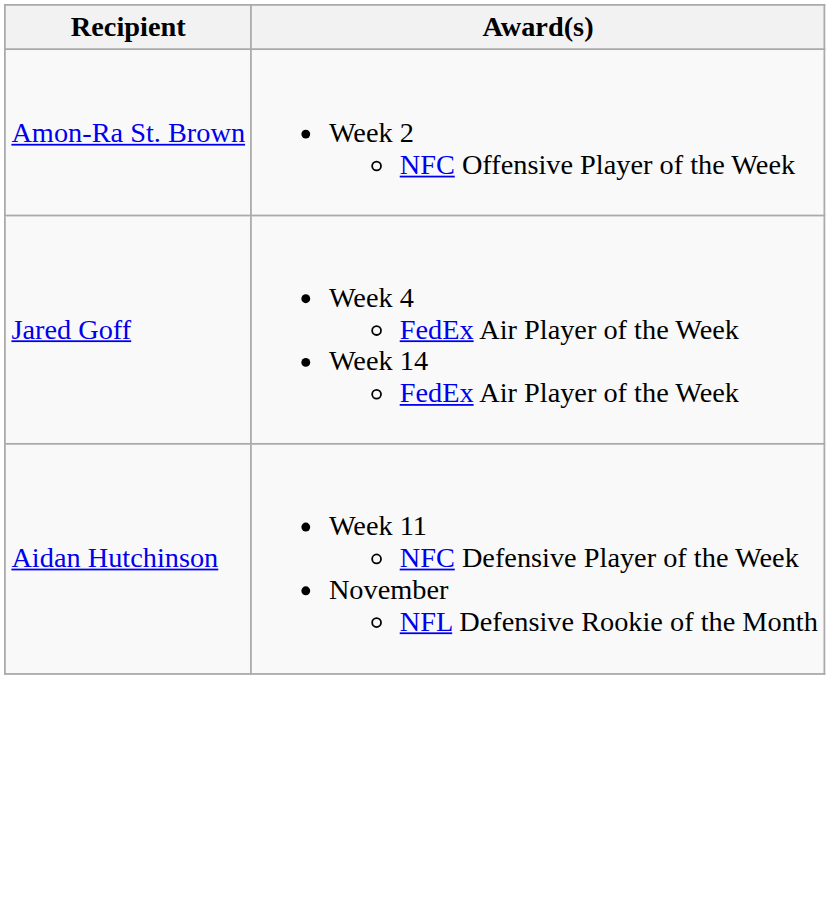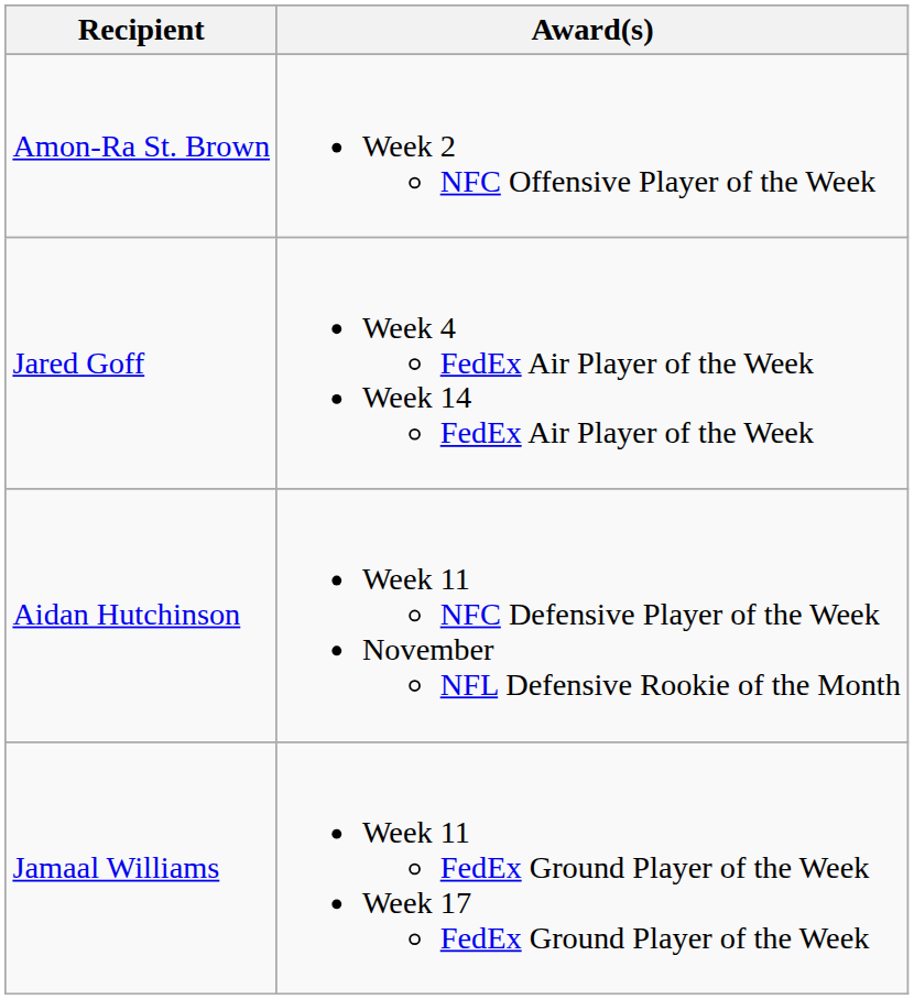 <table class="wikitable">
 <tr>
 <th>Recipient</th>
 <th>Award(s)</th>
 </tr>
 <tr>
 <td><a href='#'>Amon-Ra St. Brown</a></td>
 <td><br><ul><li>Week 2<ul><li><a href='#'>NFC</a> Offensive Player of the Week</li></ul></li></ul></td>
 </tr>
 <tr>
 <td><a href='#'>Jared Goff</a></td>
 <td><br><ul><li>Week 4<ul><li><a href='#'>FedEx</a> Air Player of the Week</li></ul></li><li>Week 14<ul><li><a href='#'>FedEx</a> Air Player of the Week</li></ul></li></ul></td>
 </tr>
 <tr>
 <td><a href='#'>Aidan Hutchinson</a></td>
 <td><br><ul><li>Week 11<ul><li><a href='#'>NFC</a> Defensive Player of the Week</li></ul></li><li>November<ul><li><a href='#'>NFL</a> Defensive Rookie of the Month</li></ul></li></ul></td>
 </tr>
+<tr>
+<td><a href='#'>Jamaal Williams</a></td>
+<td><br><ul><li>Week 11<ul><li><a href='#'>FedEx</a> Ground Player of the Week</li></ul></li><li>Week 17<ul><li><a href='#'>FedEx</a> Ground Player of the Week</li></ul></li></ul></td>
+</tr>
 </table>
